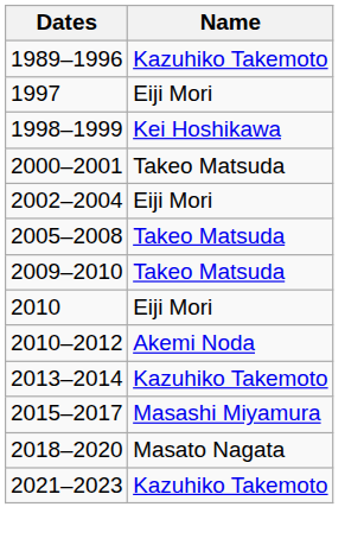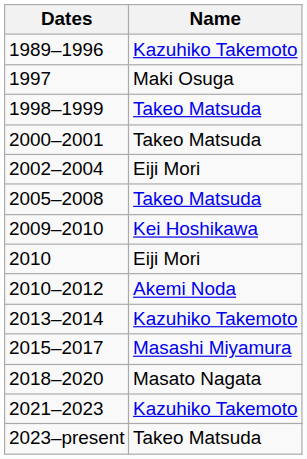 <table class="wikitable">
 <tr>
 <th>Dates</th>
 <th>Name</th>
 </tr>
 <tr>
 <td>1989–1996</td>
 <td> <a href='#'>Kazuhiko Takemoto</a></td>
 </tr>
 <tr>
 <td>1997</td>
-<td> Eiji Mori</td>
+<td> Maki Osuga</td>
 </tr>
 <tr>
 <td>1998–1999</td>
-<td> <a href='#'>Kei Hoshikawa</a></td>
+<td> <a href='#'>Takeo Matsuda</a></td>
 </tr>
 <tr>
 <td>2000–2001</td>
 <td> Takeo Matsuda</td>
 </tr>
 <tr>
 <td>2002–2004</td>
 <td> Eiji Mori</td>
 </tr>
 <tr>
 <td>2005–2008</td>
 <td> <a href='#'>Takeo Matsuda</a></td>
 </tr>
 <tr>
 <td>2009–2010</td>
-<td> <a href='#'>Takeo Matsuda</a></td>
+<td> <a href='#'>Kei Hoshikawa</a></td>
 </tr>
 <tr>
 <td>2010</td>
 <td> Eiji Mori</td>
 </tr>
 <tr>
 <td>2010–2012</td>
 <td> <a href='#'>Akemi Noda</a></td>
 </tr>
 <tr>
 <td>2013–2014</td>
 <td> <a href='#'>Kazuhiko Takemoto</a></td>
 </tr>
 <tr>
 <td>2015–2017</td>
 <td> <a href='#'>Masashi Miyamura</a></td>
 </tr>
 <tr>
 <td>2018–2020</td>
 <td> Masato Nagata</td>
 </tr>
 <tr>
 <td>2021–2023</td>
 <td> <a href='#'>Kazuhiko Takemoto</a></td>
 </tr>
+<tr>
+<td>2023–present</td>
+<td> Takeo Matsuda</td>
+</tr>
 </table>
